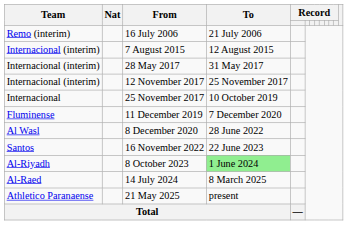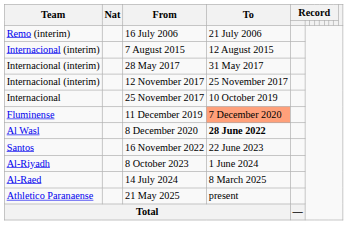 <table class="wikitable" style="text-align: center">
 <tr>
 <th rowspan=2>Team</th>
 <th rowspan=2>Nat</th>
 <th rowspan=2>From</th>
 <th rowspan=2>To</th>
 <th colspan=8>Record</th>
 <th rowspan=2></th>
 </tr>
 <tr>
 <th></th>
 <th></th>
 <th></th>
 <th></th>
 <th></th>
 <th></th>
 <th></th>
 <th></th>
 </tr>
 <tr>
 <td align=left><a href='#'>Remo</a> (interim)</td>
 <td align=left></td>
 <td align=left>16 July 2006</td>
 <td align=left>21 July 2006<br></td>
 <td></td>
 </tr>
 <tr>
 <td align=left><a href='#'>Internacional</a> (interim)</td>
 <td align=left></td>
 <td align=left>7 August 2015</td>
 <td align=left>12 August 2015<br></td>
 <td></td>
 </tr>
 <tr>
 <td align=left>Internacional (interim)</td>
 <td align=left></td>
 <td align=left>28 May 2017</td>
 <td align=left>31 May 2017<br></td>
 <td></td>
 </tr>
 <tr>
 <td align=left>Internacional (interim)</td>
 <td align=left></td>
 <td align=left>12 November 2017</td>
 <td align=left>25 November 2017<br></td>
 <td></td>
 </tr>
 <tr>
 <td align=left>Internacional</td>
 <td align=left></td>
 <td align=left>25 November 2017</td>
 <td align=left>10 October 2019<br></td>
 <td></td>
 </tr>
 <tr>
 <td align=left><a href='#'>Fluminense</a></td>
 <td align=left></td>
 <td align=left>11 December 2019</td>
-<td align=left>7 December 2020<br></td>
+<td align=left style="background: lightsalmon;">7 December 2020<br></td>
 <td></td>
 </tr>
 <tr>
 <td align=left><a href='#'>Al Wasl</a></td>
 <td align=left></td>
 <td align=left>8 December 2020</td>
-<td align=left>28 June 2022<br></td>
+<td align=left><strong>28 June 2022<br></strong></td>
 <td></td>
 </tr>
 <tr>
 <td align=left><a href='#'>Santos</a></td>
 <td align=left></td>
 <td align=left>16 November 2022</td>
 <td align=left>22 June 2023<br></td>
 <td></td>
 </tr>
 <tr>
 <td align=left><a href='#'>Al-Riyadh</a></td>
 <td align=left></td>
 <td align=left>8 October 2023</td>
-<td align=left style="background: lightgreen;">1 June 2024<br></td>
+<td align=left>1 June 2024<br></td>
 <td></td>
 </tr>
 <tr>
 <td align=left><a href='#'>Al-Raed</a></td>
 <td align=left></td>
 <td align=left>14 July 2024</td>
 <td align=left>8 March 2025<br></td>
 <td></td>
 </tr>
 <tr>
 <td align=left><a href='#'>Athletico Paranaense</a></td>
 <td align=left></td>
 <td align=left>21 May 2025</td>
 <td align=left>present<br></td>
 <td></td>
 </tr>
 <tr>
 <th colspan="4">Total<br></th>
 <th>—</th>
 </tr>
 </table>
